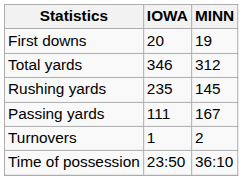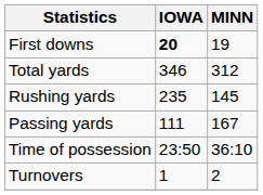 <table class="wikitable">
 <tr>
 <th>Statistics</th>
 <th>IOWA</th>
 <th>MINN</th>
 </tr>
 <tr>
 <td>First downs</td>
-<td>20</td>
+<td><strong>20</strong></td>
 <td>19</td>
 </tr>
 <tr>
 <td>Total yards</td>
 <td>346</td>
 <td>312</td>
 </tr>
 <tr>
 <td>Rushing yards</td>
 <td>235</td>
 <td>145</td>
 </tr>
 <tr>
 <td>Passing yards</td>
 <td>111</td>
 <td>167</td>
 </tr>
 <tr>
+<td>Time of possession</td>
+<td>23:50</td>
+<td>36:10</td>
+</tr>
+<tr>
 <td>Turnovers</td>
 <td>1</td>
 <td>2</td>
 </tr>
 <tr>
-<td>Time of possession</td>
-<td>23:50</td>
-<td>36:10</td>
-</tr>
-<tr>
 </tr>
 </table>
